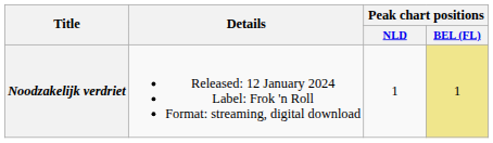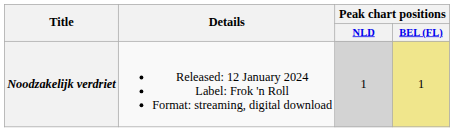 <table class="wikitable plainrowheaders" style="text-align:center;">
 <tr>
 <th rowspan="2" scope="col">Title</th>
 <th rowspan="2" scope="col">Details</th>
 <th colspan="2" scope="col">Peak chart positions</th>
 </tr>
 <tr>
 <th scope="col" style="width:5em;font-size:85%;"><a href='#'>NLD</a><br></th>
 <th scope="col" style="width:5em;font-size:85%;"><a href='#'>BEL (FL)</a><br></th>
 </tr>
 <tr>
 <th scope="row"><em>Noodzakelijk verdriet</em></th>
 <td><br><ul><li>Released: 12 January 2024</li><li>Label: Frok 'n Roll</li><li>Format: streaming, digital download</li></ul></td>
-<td>1</td>
+<td style="background: lightgrey;">1</td>
 <td style="background: khaki;">1</td>
 </tr>
 </table>
